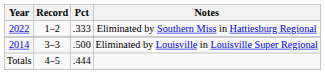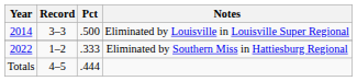 <table class="wikitable sortable" style="text-align:center">
 <tr>
 <th>Year</th>
 <th>Record</th>
 <th>Pct</th>
 <th>Notes</th>
 </tr>
 <tr>
+<td><a href='#'>2014</a></td>
+<td>3–3</td>
+<td>.500</td>
+<td>Eliminated by <a href='#'>Louisville</a> in <a href='#'>Louisville Super Regional</a></td>
+</tr>
+<tr class="sortbottom">
+</tr>
+<tr>
 <td><a href='#'>2022</a></td>
 <td>1–2</td>
 <td>.333</td>
 <td>Eliminated by <a href='#'>Southern Miss</a> in <a href='#'>Hattiesburg Regional</a></td>
-</tr>
-<tr class="sortbottom">
-</tr>
-<tr>
-<td><a href='#'>2014</a></td>
-<td>3–3</td>
-<td>.500</td>
-<td>Eliminated by <a href='#'>Louisville</a> in <a href='#'>Louisville Super Regional</a></td>
 </tr>
 <tr class="sortbottom">
 <td>Totals</td>
 <td>4–5</td>
 <td>.444</td>
 <td></td>
 </tr>
 </table>
